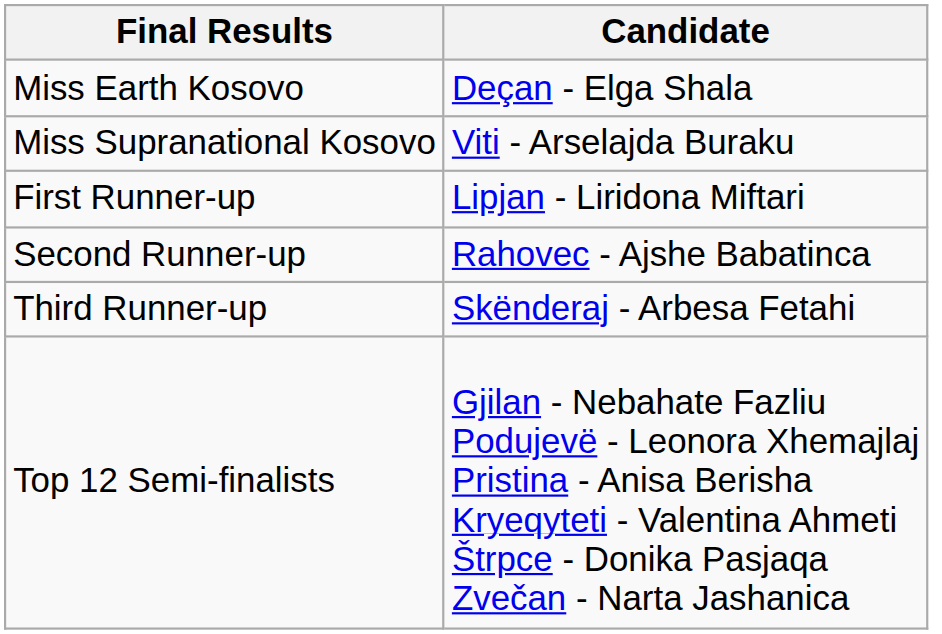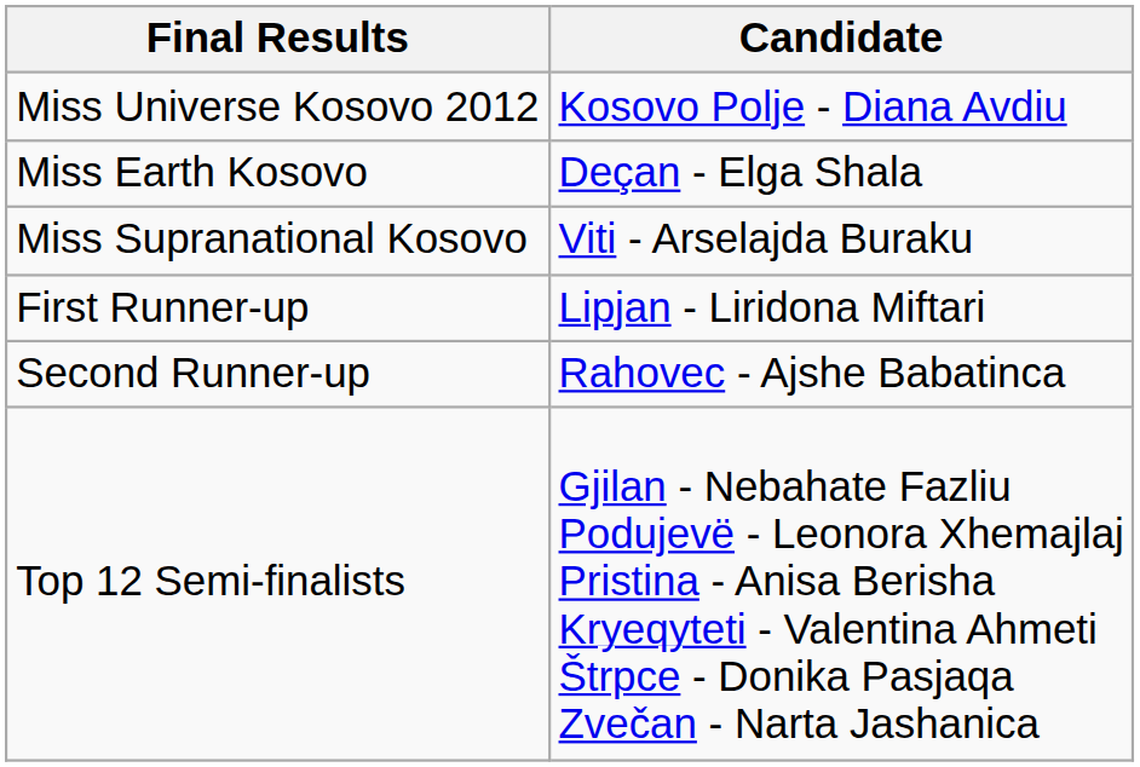 <table class="wikitable" border="1">
 <tr>
 <th>Final Results</th>
 <th>Candidate</th>
+</tr>
+<tr>
+<td>Miss Universe Kosovo 2012</td>
+<td><a href='#'>Kosovo Polje</a> - <a href='#'>Diana Avdiu</a></td>
 </tr>
 <tr>
 <td>Miss Earth Kosovo</td>
 <td><a href='#'>Deçan</a> - Elga Shala</td>
 </tr>
 <tr>
 <td>Miss Supranational Kosovo</td>
 <td><a href='#'>Viti</a> - Arselajda Buraku</td>
 </tr>
 <tr>
 <td>First Runner-up</td>
 <td><a href='#'>Lipjan</a> - Liridona Miftari</td>
 </tr>
 <tr>
 <td>Second Runner-up</td>
 <td><a href='#'>Rahovec</a> - Ajshe Babatinca</td>
 </tr>
 <tr>
-<td>Third Runner-up</td>
-<td><a href='#'>Skënderaj</a> - Arbesa Fetahi</td>
-</tr>
-<tr>
 <td>Top 12 Semi-finalists</td>
 <td><br><a href='#'>Gjilan</a> - Nebahate Fazliu<br> <a href='#'>Podujevë</a> - Leonora Xhemajlaj<br> <a href='#'>Pristina</a> - Anisa Berisha<br> <a href='#'>Kryeqyteti</a> - Valentina Ahmeti<br> <a href='#'>Štrpce</a> - Donika Pasjaqa<br> <a href='#'>Zvečan</a> - Narta Jashanica</td>
 </tr>
 </table>
